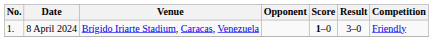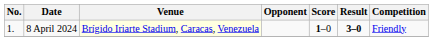 <table class="wikitable">
 <tr>
 <th>No.</th>
 <th>Date</th>
 <th>Venue</th>
 <th>Opponent</th>
 <th>Score</th>
 <th>Result</th>
 <th>Competition</th>
 </tr>
 <tr>
 <td>1.</td>
 <td>8 April 2024</td>
-<td><a href='#'>Brígido Iriarte Stadium</a>, <a href='#'>Caracas</a>, <a href='#'>Venezuela</a></td>
+<td style="background: lightyellow;"><a href='#'>Brígido Iriarte Stadium</a>, <a href='#'>Caracas</a>, <a href='#'>Venezuela</a></td>
 <td></td>
 <td align=center><strong>1</strong>–0</td>
-<td align=center>3–0</td>
+<td align=center><strong>3–0</strong></td>
 <td><a href='#'>Friendly</a></td>
 </tr>
 <tr>
 </tr>
 </table>
